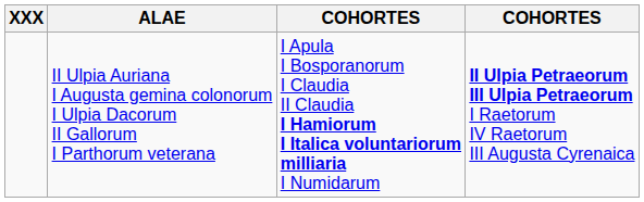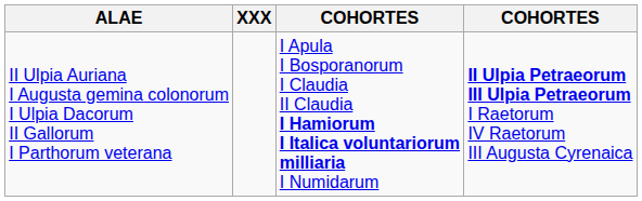 <table class=wikitable>
 <tr>
+<th>ALAE</th>
 <th>XXX</th>
-<th>ALAE</th>
 <th>COHORTES</th>
 <th>COHORTES</th>
 </tr>
 <tr>
+<td><a href='#'>II Ulpia Auriana</a><br><a href='#'>I Augusta gemina colonorum</a><br><a href='#'>I Ulpia Dacorum</a><br><a href='#'>II Gallorum</a><br><a href='#'>I Parthorum veterana</a></td>
 <td></td>
-<td><a href='#'>II Ulpia Auriana</a><br><a href='#'>I Augusta gemina colonorum</a><br><a href='#'>I Ulpia Dacorum</a><br><a href='#'>II Gallorum</a><br><a href='#'>I Parthorum veterana</a></td>
 <td><a href='#'>I Apula</a> <br><a href='#'>I Bosporanorum</a><br><a href='#'>I Claudia</a>  <br><a href='#'>II Claudia</a><br><strong><a href='#'>I Hamiorum</a> </strong><br><strong><a href='#'>I Italica voluntariorum</a> </strong><br><strong><a href='#'>milliaria</a>  </strong><br><a href='#'>I Numidarum</a></td>
 <td><strong><a href='#'>II Ulpia Petraeorum</a> </strong><br><strong><a href='#'>III Ulpia Petraeorum</a></strong>   <br><a href='#'>I Raetorum</a> <br><a href='#'>IV Raetorum</a> <br><a href='#'>III Augusta Cyrenaica</a>  </td>
 </tr>
 </table>
